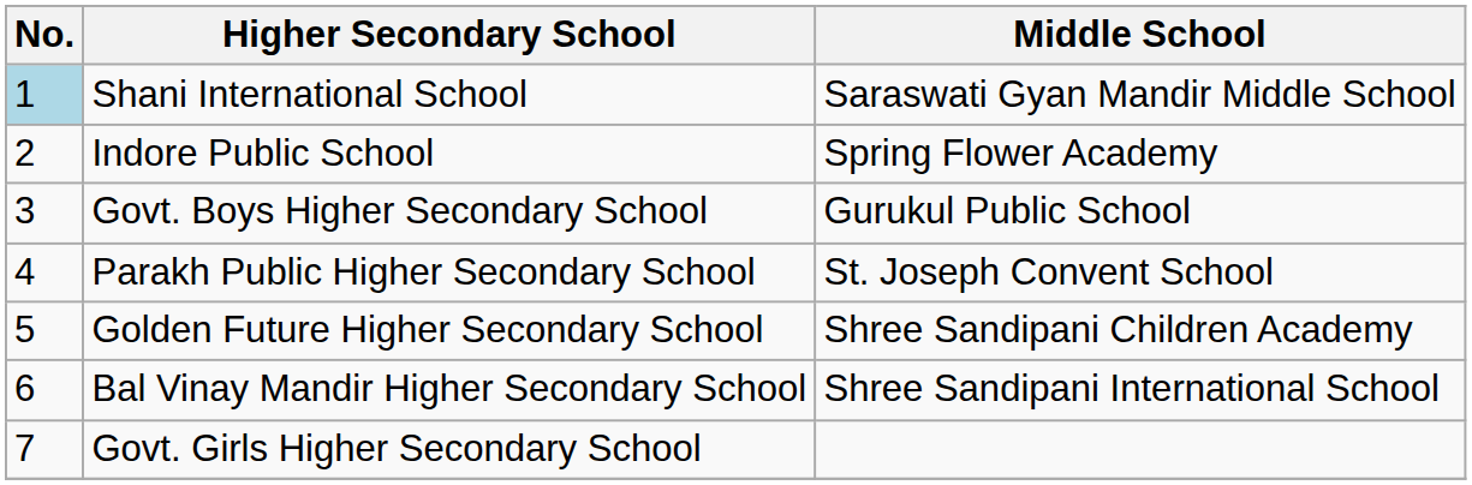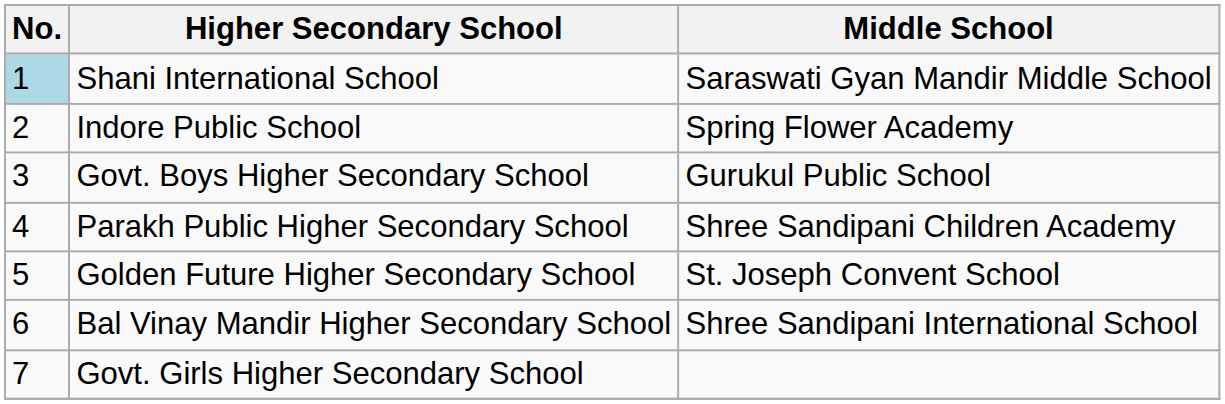 <table class="wikitable">
 <tr>
 <th>No.</th>
 <th>Higher Secondary School</th>
 <th>Middle School</th>
 </tr>
 <tr>
 <td style="background: lightblue;">1</td>
 <td>Shani International School</td>
 <td>Saraswati Gyan Mandir Middle School</td>
 </tr>
 <tr>
 <td>2</td>
 <td>Indore Public School</td>
 <td>Spring Flower Academy</td>
 </tr>
 <tr>
 <td>3</td>
 <td>Govt. Boys Higher Secondary School</td>
 <td>Gurukul Public School</td>
 </tr>
 <tr>
 <td>4</td>
 <td>Parakh Public Higher Secondary School</td>
-<td>St. Joseph Convent School</td>
+<td>Shree Sandipani Children Academy</td>
 </tr>
 <tr>
 <td>5</td>
 <td>Golden Future Higher Secondary School</td>
-<td>Shree Sandipani Children Academy</td>
+<td>St. Joseph Convent School</td>
 </tr>
 <tr>
 <td>6</td>
 <td>Bal Vinay Mandir Higher Secondary School</td>
 <td>Shree Sandipani International School</td>
 </tr>
 <tr>
 <td>7</td>
 <td>Govt. Girls Higher Secondary School</td>
 <td></td>
 </tr>
 <tr>
 </tr>
 </table>
